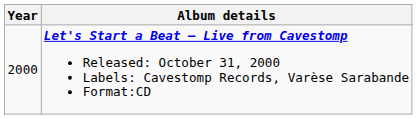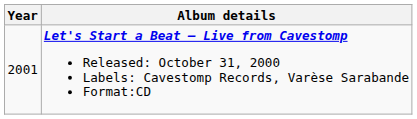 <table class="wikitable">
 <tr>
 <th>Year</th>
 <th>Album details</th>
 </tr>
 <tr>
-<td>2000</td>
+<td>2001</td>
 <td><strong><em><a href='#'>Let's Start a Beat – Live from Cavestomp</a></em></strong><br><ul><li>Released: October 31, 2000</li><li>Labels: Cavestomp Records, Varèse Sarabande </li><li>Format:CD</li></ul></td>
 </tr>
 </table>
